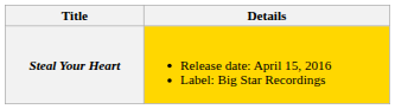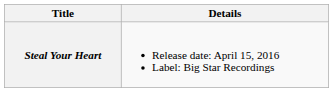 <table class="wikitable plainrowheaders">
 <tr>
 <th style="width:10em;">Title</th>
 <th style="width:18em;">Details</th>
 </tr>
 <tr>
 <th scope="row"><em>Steal Your Heart</em></th>
-<td style="background: gold;"><br><ul><li>Release date: April 15, 2016</li><li>Label: Big Star Recordings</li></ul></td>
+<td><br><ul><li>Release date: April 15, 2016</li><li>Label: Big Star Recordings</li></ul></td>
 </tr>
 </table>
